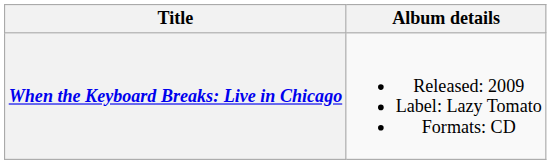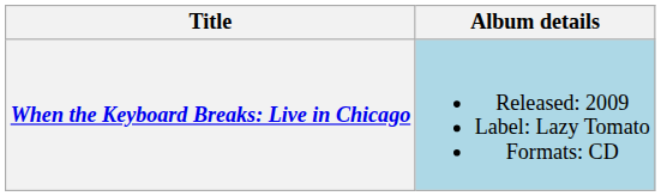 <table class="wikitable plainrowheaders" style="text-align:center;">
 <tr>
 <th scope="col">Title</th>
 <th scope="col">Album details</th>
 </tr>
 <tr>
 <th scope="row"><em><a href='#'>When the Keyboard Breaks: Live in Chicago</a></em></th>
-<td><br><ul><li>Released: 2009</li><li>Label: Lazy Tomato</li><li>Formats: CD</li></ul></td>
+<td style="background: lightblue;"><br><ul><li>Released: 2009</li><li>Label: Lazy Tomato</li><li>Formats: CD</li></ul></td>
 </tr>
 </table>
